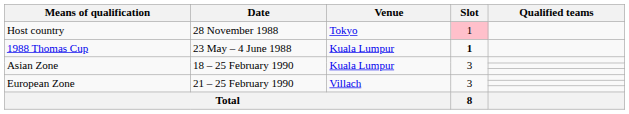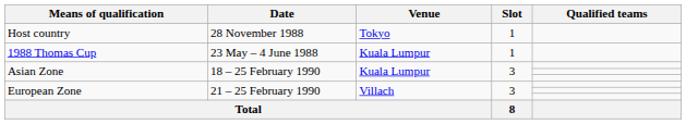 <table class="wikitable" width="900">
 <tr>
 <th width="30%">Means of qualification</th>
 <th width="22%">Date</th>
 <th width="20%">Venue</th>
 <th width="6%">Slot</th>
 <th width="22%">Qualified teams</th>
 </tr>
 <tr>
 <td>Host country</td>
 <td>28 November 1988</td>
 <td><a href='#'>Tokyo</a></td>
-<td align="center" style="background: pink;">1</td>
+<td align="center">1</td>
 <td></td>
 </tr>
 <tr>
 <td><a href='#'>1988 Thomas Cup</a></td>
 <td>23 May – 4 June 1988</td>
 <td><a href='#'>Kuala Lumpur</a></td>
-<td align="center"><strong>1</strong></td>
+<td align="center">1</td>
 <td></td>
 </tr>
 <tr>
 <td rowspan="3">Asian Zone</td>
 <td rowspan="3">18 – 25 February 1990</td>
 <td rowspan="3"><a href='#'>Kuala Lumpur</a></td>
 <td rowspan="3" align="center">3</td>
 <td></td>
 </tr>
 <tr>
 <td></td>
 </tr>
 <tr>
 <td></td>
 </tr>
 <tr>
 <td rowspan="3">European Zone</td>
 <td rowspan="3">21 – 25 February 1990</td>
 <td rowspan="3"><a href='#'>Villach</a></td>
 <td rowspan="3" align="center">3</td>
 <td></td>
 </tr>
 <tr>
 <td></td>
 </tr>
 <tr>
 <td></td>
 </tr>
 <tr>
 <th colspan="3">Total</th>
 <th>8</th>
 <th></th>
 </tr>
 </table>
